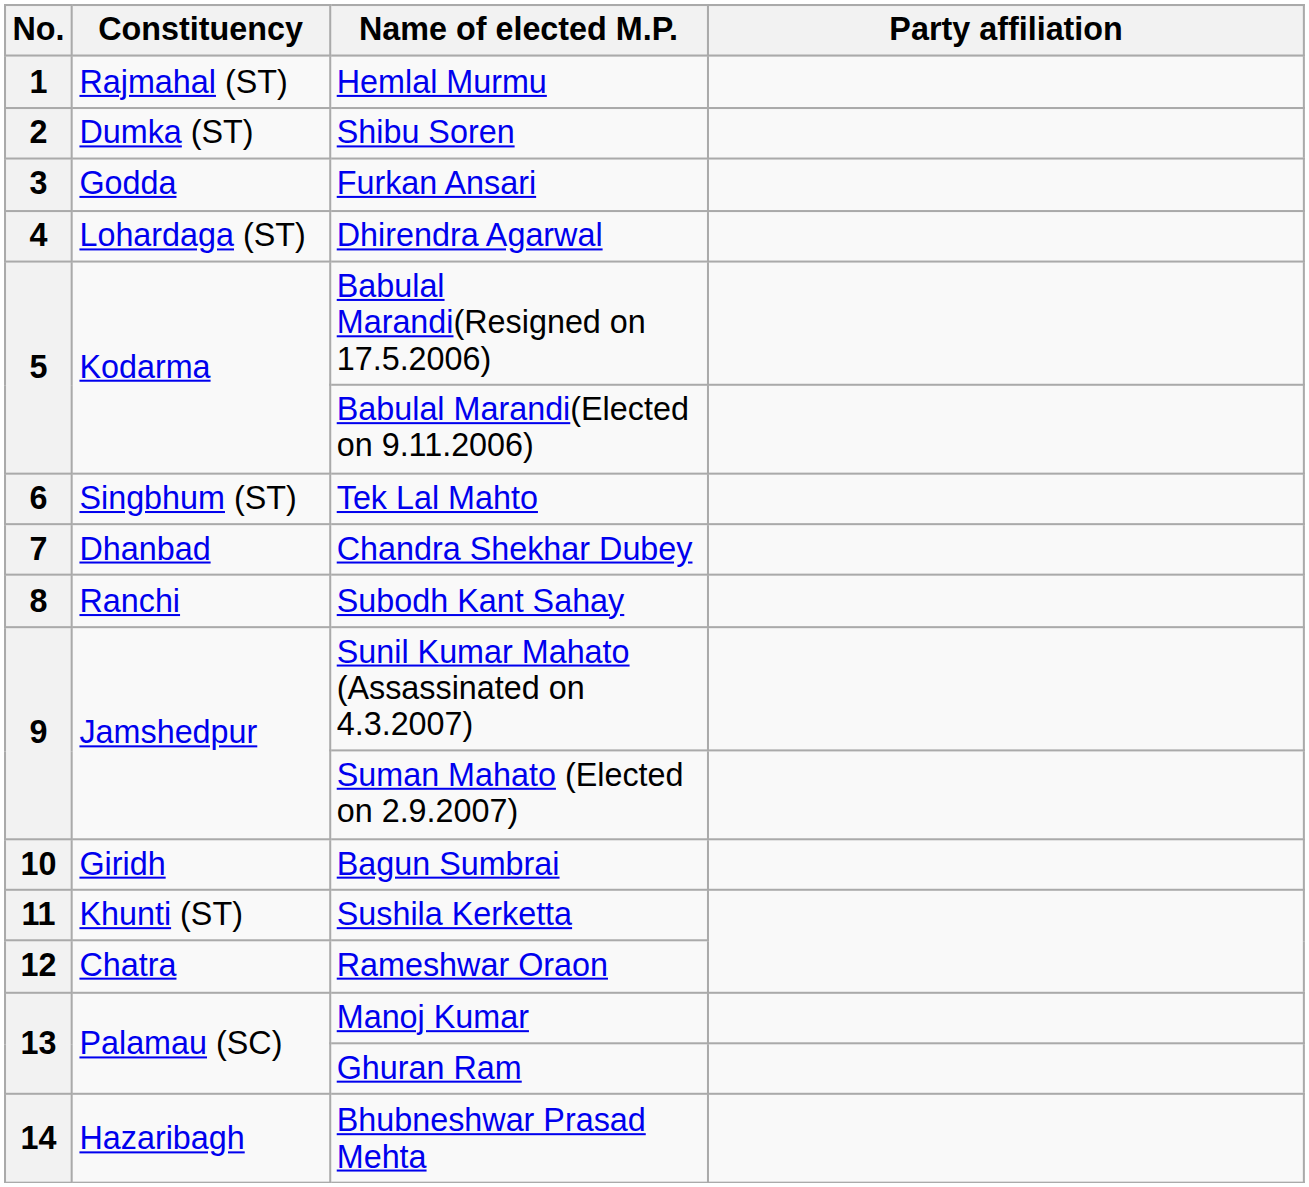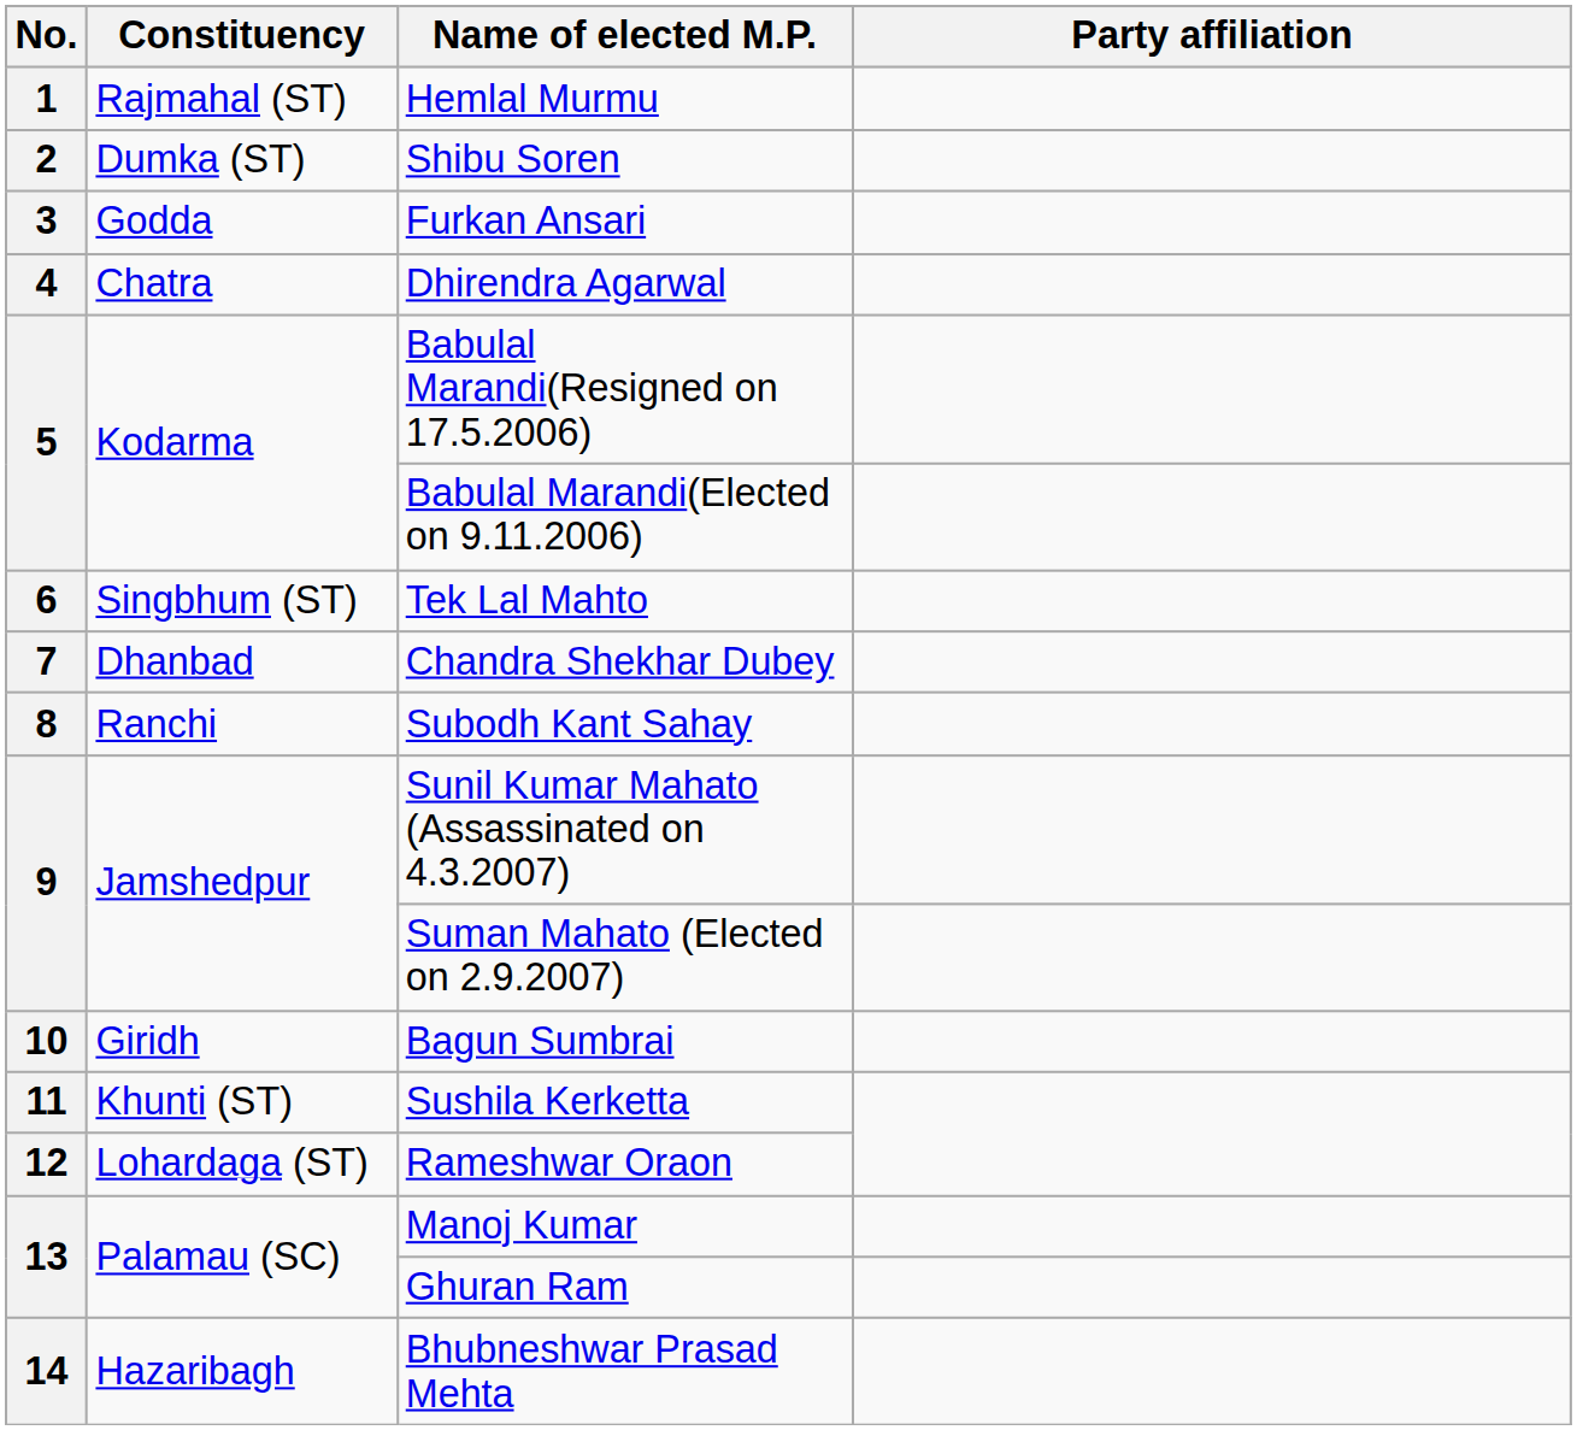 <table class="wikitable">
 <tr style="background:#ccc; text-align:center;">
 <th>No.</th>
 <th style="width:120px">Constituency</th>
 <th style="width:180px">Name of elected M.P.</th>
 <th colspan="2" style="width:18em">Party affiliation</th>
 </tr>
 <tr>
 <th>1</th>
 <td><a href='#'>Rajmahal</a> (ST)</td>
 <td><a href='#'>Hemlal Murmu</a></td>
 <td></td>
 </tr>
 <tr>
 <th>2</th>
 <td><a href='#'>Dumka</a> (ST)</td>
 <td><a href='#'>Shibu Soren</a></td>
 </tr>
 <tr>
 <th>3</th>
 <td><a href='#'>Godda</a></td>
 <td><a href='#'>Furkan Ansari</a></td>
 <td></td>
 </tr>
 <tr>
 <th>4</th>
-<td><a href='#'>Lohardaga</a> (ST)</td>
+<td><a href='#'>Chatra</a></td>
 <td><a href='#'>Dhirendra Agarwal</a></td>
 <td></td>
 </tr>
 <tr>
 <th rowspan="2">5</th>
 <td rowspan="2"><a href='#'>Kodarma</a></td>
 <td><a href='#'>Babulal Marandi</a>(Resigned on 17.5.2006)</td>
 <td></td>
 </tr>
 <tr>
 <td><a href='#'>Babulal Marandi</a>(Elected on 9.11.2006)</td>
 <td></td>
 </tr>
 <tr>
 <th>6</th>
 <td><a href='#'>Singbhum</a> (ST)</td>
 <td><a href='#'>Tek Lal Mahto</a></td>
 <td></td>
 </tr>
 <tr>
 <th>7</th>
 <td><a href='#'>Dhanbad</a></td>
 <td><a href='#'>Chandra Shekhar Dubey</a></td>
 <td></td>
 </tr>
 <tr>
 <th>8</th>
 <td><a href='#'>Ranchi</a></td>
 <td><a href='#'>Subodh Kant Sahay</a></td>
 </tr>
 <tr>
 <th rowspan="2">9</th>
 <td rowspan="2"><a href='#'>Jamshedpur</a></td>
 <td><a href='#'>Sunil Kumar Mahato</a> (Assassinated on 4.3.2007)</td>
 <td></td>
 </tr>
 <tr>
 <td><a href='#'>Suman Mahato</a> (Elected on 2.9.2007)</td>
 </tr>
 <tr>
 <th>10</th>
 <td><a href='#'>Giridh</a></td>
 <td><a href='#'>Bagun Sumbrai</a></td>
 <td></td>
 </tr>
 <tr>
 <th>11</th>
 <td><a href='#'>Khunti</a> (ST)</td>
 <td><a href='#'>Sushila Kerketta</a></td>
 </tr>
 <tr>
 <th>12</th>
-<td><a href='#'>Chatra</a></td>
+<td><a href='#'>Lohardaga</a> (ST)</td>
 <td><a href='#'>Rameshwar Oraon</a></td>
 </tr>
 <tr>
 <th rowspan="2">13</th>
 <td rowspan="2"><a href='#'>Palamau</a> (SC)</td>
 <td><a href='#'>Manoj Kumar</a></td>
 <td></td>
 </tr>
 <tr>
 <td><a href='#'>Ghuran Ram</a></td>
 </tr>
 <tr>
 <th>14</th>
 <td><a href='#'>Hazaribagh</a></td>
 <td><a href='#'>Bhubneshwar Prasad Mehta</a></td>
 <td></td>
 </tr>
 </table>
